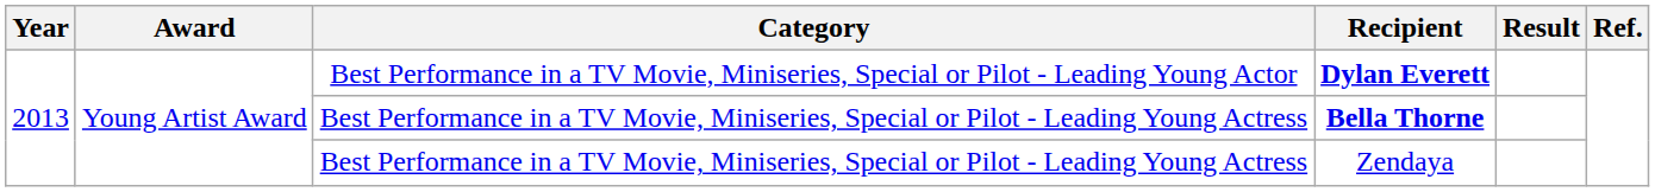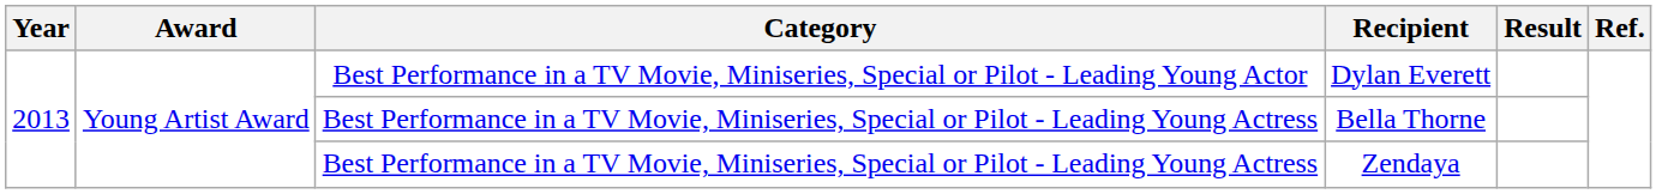 <table class="wikitable" rowspan=5; style="text-align: center; background:#ffffff;">
 <tr>
 <th>Year</th>
 <th>Award</th>
 <th>Category</th>
 <th>Recipient</th>
 <th>Result</th>
 <th>Ref.</th>
 </tr>
 <tr>
 <td rowspan=3><a href='#'>2013</a></td>
 <td rowspan=3><a href='#'>Young Artist Award</a></td>
 <td><a href='#'>Best Performance in a TV Movie, Miniseries, Special or Pilot - Leading Young Actor</a></td>
-<td><strong><a href='#'>Dylan Everett</a></strong></td>
+<td><a href='#'>Dylan Everett</a></td>
 <td></td>
 <td rowspan=3></td>
 </tr>
 <tr>
 <td><a href='#'>Best Performance in a TV Movie, Miniseries, Special or Pilot - Leading Young Actress</a></td>
-<td><strong><a href='#'>Bella Thorne</a></strong></td>
+<td><a href='#'>Bella Thorne</a></td>
 <td></td>
 </tr>
 <tr>
 <td><a href='#'>Best Performance in a TV Movie, Miniseries, Special or Pilot - Leading Young Actress</a></td>
 <td><a href='#'>Zendaya</a></td>
 <td></td>
 </tr>
 </table>
